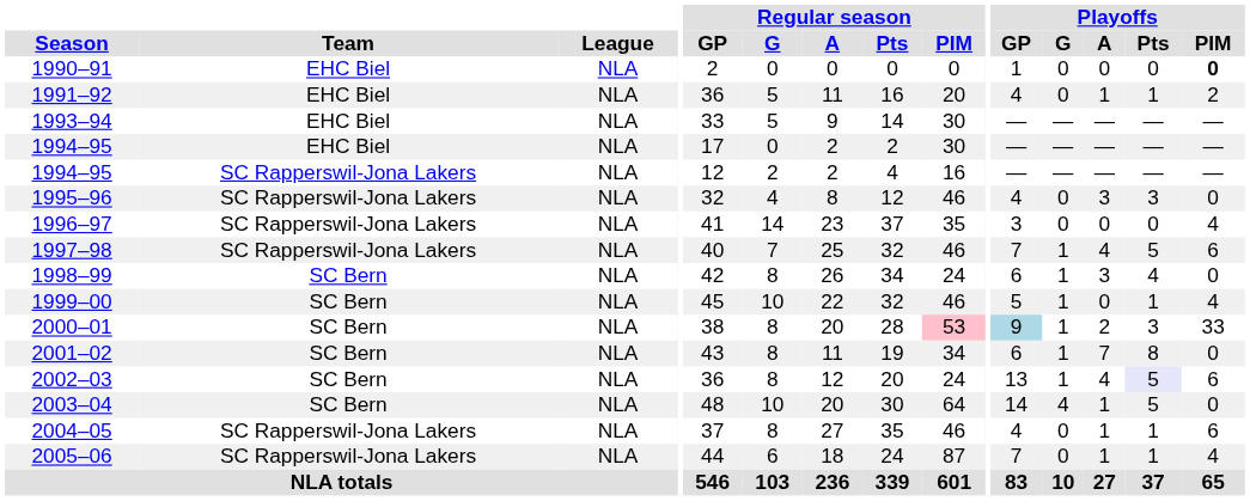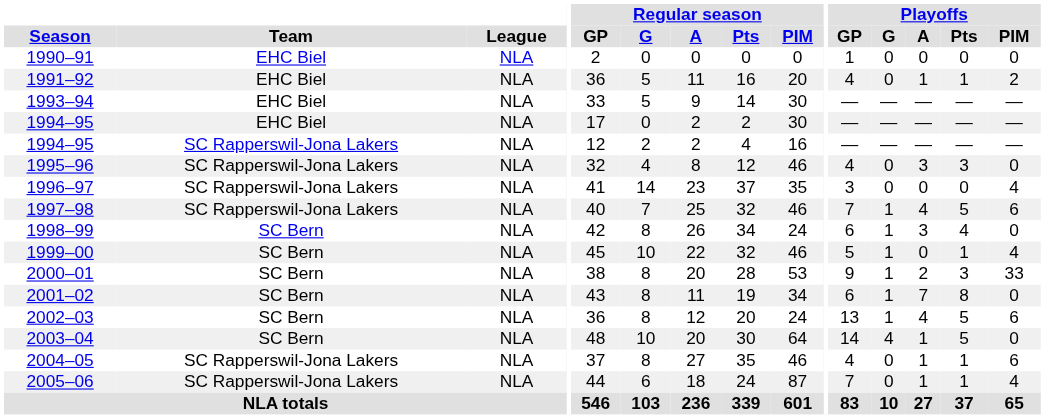 <table border="0" cellpadding="1" cellspacing="0" style="text-align:center; width:60em">
 <tr bgcolor="#e0e0e0">
 <th colspan="3" bgcolor="#ffffff"></th>
 <th rowspan="99" bgcolor="#ffffff"></th>
 <th colspan="5"><a href='#'>Regular season</a></th>
 <th rowspan="99" bgcolor="#ffffff"></th>
 <th colspan="5"><a href='#'>Playoffs</a></th>
 </tr>
 <tr bgcolor="#e0e0e0">
 <th><a href='#'>Season</a></th>
 <th>Team</th>
 <th>League</th>
 <th>GP</th>
 <th><a href='#'>G</a></th>
 <th><a href='#'>A</a></th>
 <th><a href='#'>Pts</a></th>
 <th><a href='#'>PIM</a></th>
 <th>GP</th>
 <th>G</th>
 <th>A</th>
 <th>Pts</th>
 <th>PIM</th>
 </tr>
 <tr>
 <td><a href='#'>1990–91</a></td>
 <td><a href='#'>EHC Biel</a></td>
 <td><a href='#'>NLA</a></td>
 <td>2</td>
 <td>0</td>
 <td>0</td>
 <td>0</td>
 <td>0</td>
 <td>1</td>
 <td>0</td>
 <td>0</td>
 <td>0</td>
-<td><strong>0</strong></td>
+<td>0</td>
 </tr>
 <tr bgcolor="#f0f0f0">
 <td><a href='#'>1991–92</a></td>
 <td>EHC Biel</td>
 <td>NLA</td>
 <td>36</td>
 <td>5</td>
 <td>11</td>
 <td>16</td>
 <td>20</td>
 <td>4</td>
 <td>0</td>
 <td>1</td>
 <td>1</td>
 <td>2</td>
 </tr>
 <tr>
 <td><a href='#'>1993–94</a></td>
 <td>EHC Biel</td>
 <td>NLA</td>
 <td>33</td>
 <td>5</td>
 <td>9</td>
 <td>14</td>
 <td>30</td>
 <td>—</td>
 <td>—</td>
 <td>—</td>
 <td>—</td>
 <td>—</td>
 </tr>
 <tr bgcolor="#f0f0f0">
 <td><a href='#'>1994–95</a></td>
 <td>EHC Biel</td>
 <td>NLA</td>
 <td>17</td>
 <td>0</td>
 <td>2</td>
 <td>2</td>
 <td>30</td>
 <td>—</td>
 <td>—</td>
 <td>—</td>
 <td>—</td>
 <td>—</td>
 </tr>
 <tr>
 <td><a href='#'>1994–95</a></td>
 <td><a href='#'>SC Rapperswil-Jona Lakers</a></td>
 <td>NLA</td>
 <td>12</td>
 <td>2</td>
 <td>2</td>
 <td>4</td>
 <td>16</td>
 <td>—</td>
 <td>—</td>
 <td>—</td>
 <td>—</td>
 <td>—</td>
 </tr>
 <tr bgcolor="#f0f0f0">
 <td><a href='#'>1995–96</a></td>
 <td>SC Rapperswil-Jona Lakers</td>
 <td>NLA</td>
 <td>32</td>
 <td>4</td>
 <td>8</td>
 <td>12</td>
 <td>46</td>
 <td>4</td>
 <td>0</td>
 <td>3</td>
 <td>3</td>
 <td>0</td>
 </tr>
 <tr>
 <td><a href='#'>1996–97</a></td>
 <td>SC Rapperswil-Jona Lakers</td>
 <td>NLA</td>
 <td>41</td>
 <td>14</td>
 <td>23</td>
 <td>37</td>
 <td>35</td>
 <td>3</td>
 <td>0</td>
 <td>0</td>
 <td>0</td>
 <td>4</td>
 </tr>
 <tr bgcolor="#f0f0f0">
 <td><a href='#'>1997–98</a></td>
 <td>SC Rapperswil-Jona Lakers</td>
 <td>NLA</td>
 <td>40</td>
 <td>7</td>
 <td>25</td>
 <td>32</td>
 <td>46</td>
 <td>7</td>
 <td>1</td>
 <td>4</td>
 <td>5</td>
 <td>6</td>
 </tr>
 <tr>
 <td><a href='#'>1998–99</a></td>
 <td><a href='#'>SC Bern</a></td>
 <td>NLA</td>
 <td>42</td>
 <td>8</td>
 <td>26</td>
 <td>34</td>
 <td>24</td>
 <td>6</td>
 <td>1</td>
 <td>3</td>
 <td>4</td>
 <td>0</td>
 </tr>
 <tr bgcolor="#f0f0f0">
 <td><a href='#'>1999–00</a></td>
 <td>SC Bern</td>
 <td>NLA</td>
 <td>45</td>
 <td>10</td>
 <td>22</td>
 <td>32</td>
 <td>46</td>
 <td>5</td>
 <td>1</td>
 <td>0</td>
 <td>1</td>
 <td>4</td>
 </tr>
 <tr>
 <td><a href='#'>2000–01</a></td>
 <td>SC Bern</td>
 <td>NLA</td>
 <td>38</td>
 <td>8</td>
 <td>20</td>
 <td>28</td>
-<td style="background: pink;">53</td>
-<td style="background: lightblue;">9</td>
+<td>53</td>
+<td>9</td>
 <td>1</td>
 <td>2</td>
 <td>3</td>
 <td>33</td>
 </tr>
 <tr bgcolor="#f0f0f0">
 <td><a href='#'>2001–02</a></td>
 <td>SC Bern</td>
 <td>NLA</td>
 <td>43</td>
 <td>8</td>
 <td>11</td>
 <td>19</td>
 <td>34</td>
 <td>6</td>
 <td>1</td>
 <td>7</td>
 <td>8</td>
 <td>0</td>
 </tr>
 <tr>
 <td><a href='#'>2002–03</a></td>
 <td>SC Bern</td>
 <td>NLA</td>
 <td>36</td>
 <td>8</td>
 <td>12</td>
 <td>20</td>
 <td>24</td>
 <td>13</td>
 <td>1</td>
 <td>4</td>
-<td style="background: lavender;">5</td>
+<td>5</td>
 <td>6</td>
 </tr>
 <tr bgcolor="#f0f0f0">
 <td><a href='#'>2003–04</a></td>
 <td>SC Bern</td>
 <td>NLA</td>
 <td>48</td>
 <td>10</td>
 <td>20</td>
 <td>30</td>
 <td>64</td>
 <td>14</td>
 <td>4</td>
 <td>1</td>
 <td>5</td>
 <td>0</td>
 </tr>
 <tr>
 <td><a href='#'>2004–05</a></td>
 <td>SC Rapperswil-Jona Lakers</td>
 <td>NLA</td>
 <td>37</td>
 <td>8</td>
 <td>27</td>
 <td>35</td>
 <td>46</td>
 <td>4</td>
 <td>0</td>
 <td>1</td>
 <td>1</td>
 <td>6</td>
 </tr>
 <tr bgcolor="#f0f0f0">
 <td><a href='#'>2005–06</a></td>
 <td>SC Rapperswil-Jona Lakers</td>
 <td>NLA</td>
 <td>44</td>
 <td>6</td>
 <td>18</td>
 <td>24</td>
 <td>87</td>
 <td>7</td>
 <td>0</td>
 <td>1</td>
 <td>1</td>
 <td>4</td>
 </tr>
 <tr>
 </tr>
 <tr ALIGN="center" bgcolor="#e0e0e0">
 <th colspan="3">NLA totals</th>
 <th ALIGN="center">546</th>
 <th ALIGN="center">103</th>
 <th ALIGN="center">236</th>
 <th ALIGN="center">339</th>
 <th ALIGN="center">601</th>
 <th ALIGN="center">83</th>
 <th ALIGN="center">10</th>
 <th ALIGN="center">27</th>
 <th ALIGN="center">37</th>
 <th ALIGN="center">65</th>
 </tr>
 </table>
